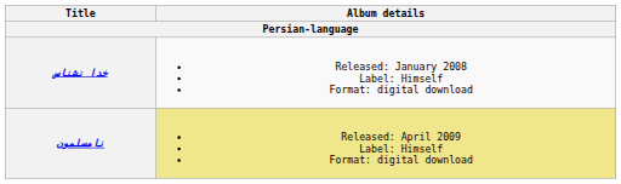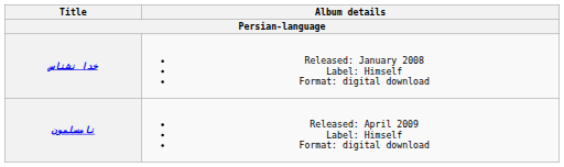 <table class="wikitable plainrowheaders" style="text-align:center; width:800px;">
 <tr>
 <th>Title</th>
 <th>Album details</th>
 </tr>
 <tr>
 <th scope="col" colspan="6">Persian-language</th>
 </tr>
 <tr>
 <th scope="row"><em><a href='#'>خدا نشناس</a></em></th>
 <td><br><ul><li>Released: January 2008</li><li>Label: Himself</li><li>Format: digital download</li></ul></td>
 </tr>
 <tr>
 <th scope="row"><em><a href='#'>نامسلمون</a></em></th>
-<td style="background: khaki;"><br><ul><li>Released: April 2009</li><li>Label: Himself</li><li>Format: digital download</li></ul></td>
+<td><br><ul><li>Released: April 2009</li><li>Label: Himself</li><li>Format: digital download</li></ul></td>
 </tr>
 </table>
